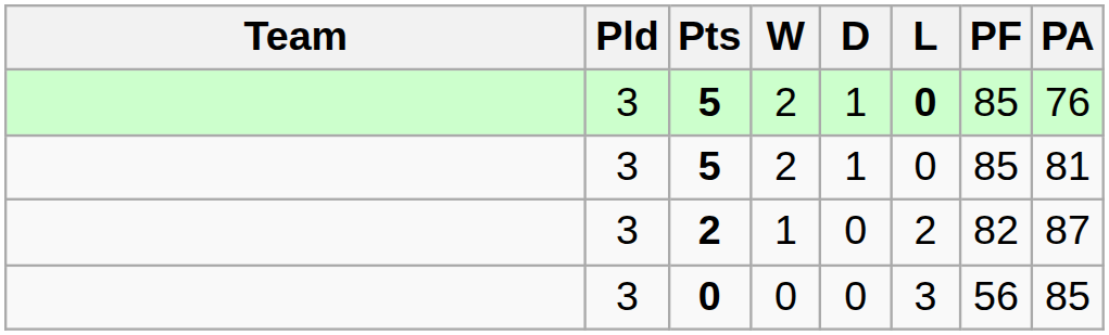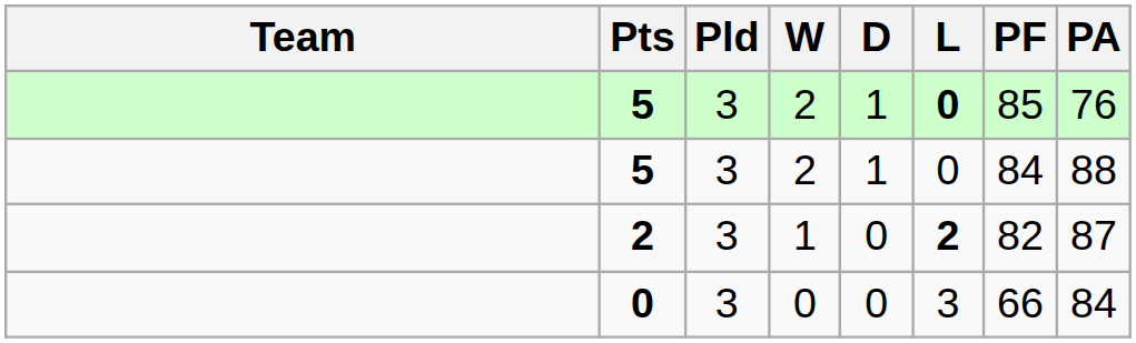 <table class=wikitable style="text-align:center">
 <tr>
 <th width=220>Team</th>
+<th width=20>Pts</th>
 <th width=20>Pld</th>
-<th width=20>Pts</th>
 <th width=20>W</th>
 <th width=20>D</th>
 <th width=20>L</th>
 <th width=20>PF</th>
 <th width=20>PA</th>
 </tr>
 <tr bgcolor=#ccffcc>
 <td align=left></td>
+<td><strong>5</strong></td>
 <td>3</td>
-<td><strong>5</strong></td>
 <td>2</td>
 <td>1</td>
 <td><strong>0</strong></td>
 <td>85</td>
 <td>76</td>
 </tr>
 <tr bgcolor=>
 <td align=left></td>
+<td><strong>5</strong></td>
 <td>3</td>
-<td><strong>5</strong></td>
 <td>2</td>
 <td>1</td>
 <td>0</td>
-<td>85</td>
-<td>81</td>
+<td>84</td>
+<td>88</td>
 </tr>
 <tr bgcolor=>
 <td align=left></td>
+<td><strong>2</strong></td>
 <td>3</td>
-<td><strong>2</strong></td>
 <td>1</td>
 <td>0</td>
-<td>2</td>
+<td><strong>2</strong></td>
 <td>82</td>
 <td>87</td>
 </tr>
 <tr bgcolor=>
 <td align=left></td>
+<td><strong>0</strong></td>
 <td>3</td>
-<td><strong>0</strong></td>
 <td>0</td>
 <td>0</td>
 <td>3</td>
-<td>56</td>
-<td>85</td>
+<td>66</td>
+<td>84</td>
 </tr>
 </table>
